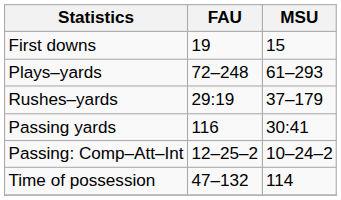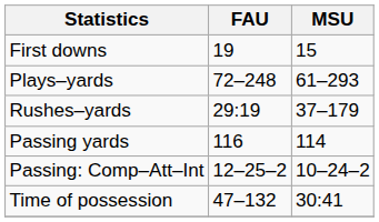 <table class="wikitable" style="float: left;">
 <tr>
 <th>Statistics</th>
 <th>FAU</th>
 <th>MSU</th>
 </tr>
 <tr>
 <td>First downs</td>
 <td>19</td>
 <td>15</td>
 </tr>
 <tr>
 <td>Plays–yards</td>
 <td>72–248</td>
 <td>61–293</td>
 </tr>
 <tr>
 <td>Rushes–yards</td>
 <td>29:19</td>
 <td>37–179</td>
 </tr>
 <tr>
 <td>Passing yards</td>
 <td>116</td>
-<td>30:41</td>
+<td>114</td>
 </tr>
 <tr>
 <td>Passing: Comp–Att–Int</td>
 <td>12–25–2</td>
 <td>10–24–2</td>
 </tr>
 <tr>
 <td>Time of possession</td>
 <td>47–132</td>
-<td>114</td>
+<td>30:41</td>
 </tr>
 <tr>
 </tr>
 </table>
